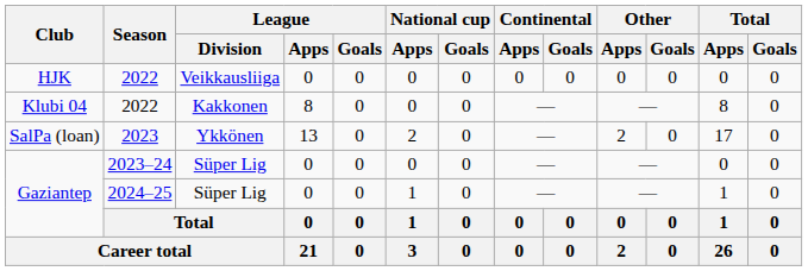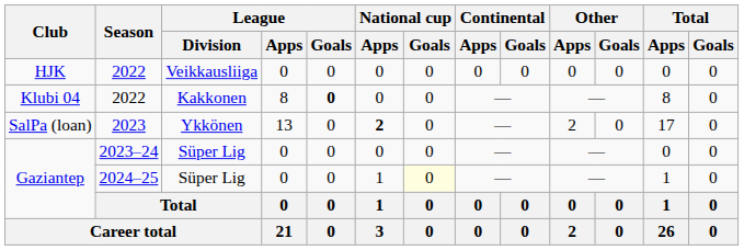 <table class="wikitable" style="text-align:center">
 <tr>
 <th rowspan="2">Club</th>
 <th rowspan="2">Season</th>
 <th colspan="3">League</th>
 <th colspan="2">National cup</th>
 <th colspan="2">Continental</th>
 <th colspan="2">Other</th>
 <th colspan="2">Total</th>
 </tr>
 <tr>
 <th>Division</th>
 <th>Apps</th>
 <th>Goals</th>
 <th>Apps</th>
 <th>Goals</th>
 <th>Apps</th>
 <th>Goals</th>
 <th>Apps</th>
 <th>Goals</th>
 <th>Apps</th>
 <th>Goals</th>
 </tr>
 <tr>
 <td><a href='#'>HJK</a></td>
 <td><a href='#'>2022</a></td>
 <td><a href='#'>Veikkausliiga</a></td>
 <td>0</td>
 <td>0</td>
 <td>0</td>
 <td>0</td>
 <td>0</td>
 <td>0</td>
 <td>0</td>
 <td>0</td>
 <td>0</td>
 <td>0</td>
 </tr>
 <tr>
 <td><a href='#'>Klubi 04</a></td>
 <td>2022</td>
 <td><a href='#'>Kakkonen</a></td>
 <td>8</td>
-<td>0</td>
+<td><strong>0</strong></td>
 <td>0</td>
 <td>0</td>
 <td colspan="2">—</td>
 <td colspan="2">—</td>
 <td>8</td>
 <td>0</td>
 </tr>
 <tr>
 <td><a href='#'>SalPa</a> (loan)</td>
 <td><a href='#'>2023</a></td>
 <td><a href='#'>Ykkönen</a></td>
 <td>13</td>
 <td>0</td>
-<td>2</td>
+<td><strong>2</strong></td>
 <td>0</td>
 <td colspan="2">—</td>
 <td>2</td>
 <td>0</td>
 <td>17</td>
 <td>0</td>
 </tr>
 <tr>
 <td rowspan=3><a href='#'>Gaziantep</a></td>
 <td><a href='#'>2023–24</a></td>
 <td><a href='#'>Süper Lig</a></td>
 <td>0</td>
 <td>0</td>
 <td>0</td>
 <td>0</td>
 <td colspan="2">—</td>
 <td colspan="2">—</td>
 <td>0</td>
 <td>0</td>
 </tr>
 <tr>
 <td><a href='#'>2024–25</a></td>
 <td>Süper Lig</td>
 <td>0</td>
 <td>0</td>
 <td>1</td>
-<td>0</td>
+<td style="background: lightyellow;">0</td>
 <td colspan="2">—</td>
 <td colspan="2">—</td>
 <td>1</td>
 <td>0</td>
 </tr>
 <tr>
 <th colspan=2>Total</th>
 <th>0</th>
 <th>0</th>
 <th>1</th>
 <th>0</th>
 <th>0</th>
 <th>0</th>
 <th>0</th>
 <th>0</th>
 <th>1</th>
 <th>0</th>
 </tr>
 <tr>
 <th colspan="3">Career total</th>
 <th>21</th>
 <th>0</th>
 <th>3</th>
 <th>0</th>
 <th>0</th>
 <th>0</th>
 <th>2</th>
 <th>0</th>
 <th>26</th>
 <th>0</th>
 </tr>
 </table>
